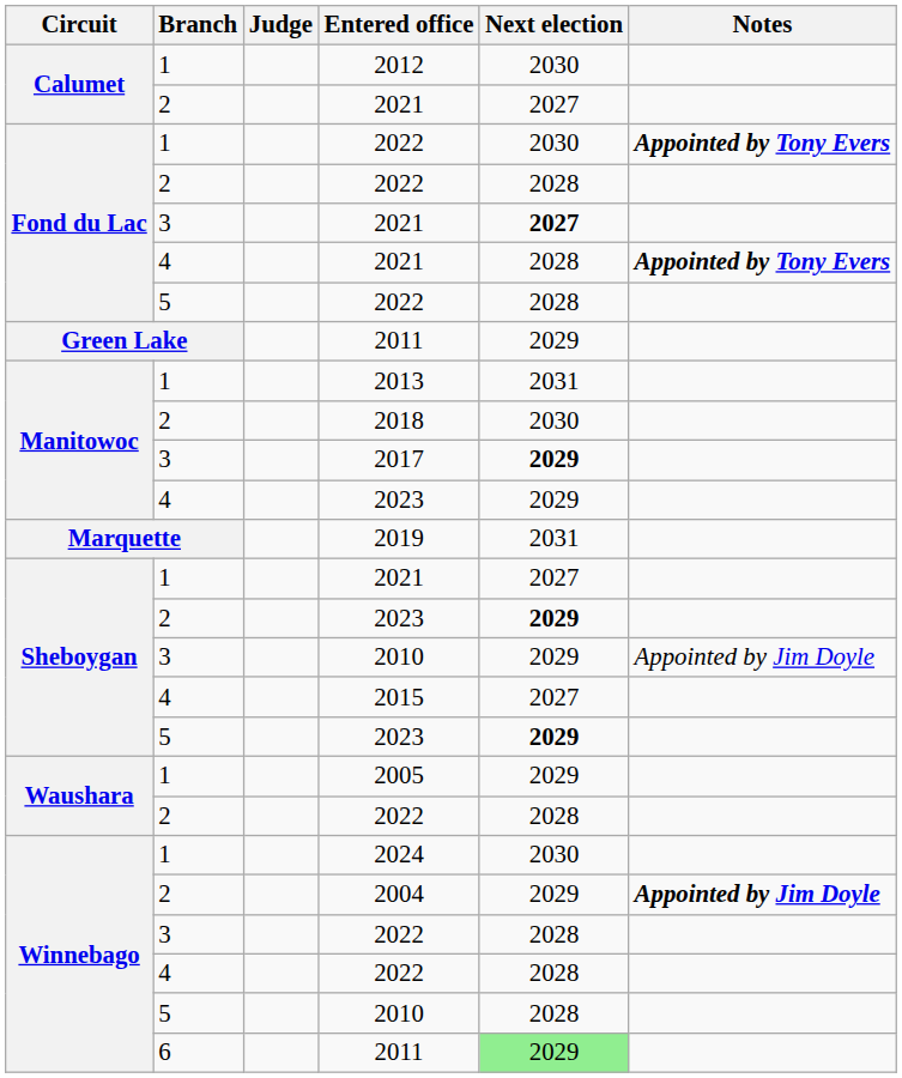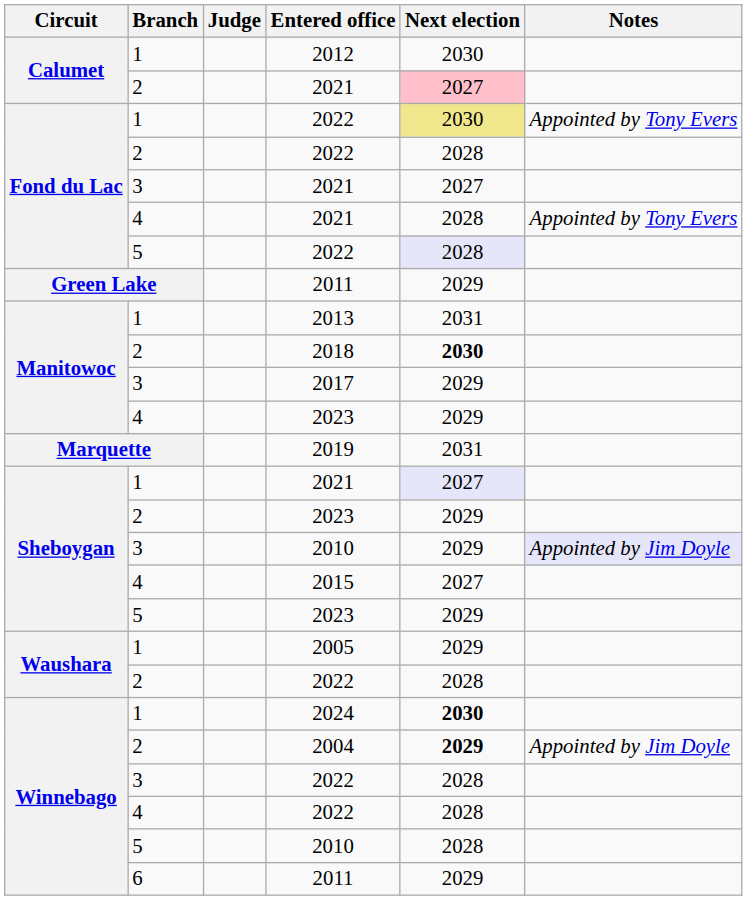 <table class="wikitable sortable">
 <tr>
 <th>Circuit</th>
 <th>Branch</th>
 <th>Judge</th>
 <th>Entered office</th>
 <th>Next election</th>
 <th>Notes</th>
 </tr>
 <tr>
 <th rowspan="2"><a href='#'>Calumet</a></th>
 <td>1</td>
 <td></td>
 <td align="center">2012</td>
 <td align="center">2030</td>
 <td></td>
 </tr>
 <tr>
 <td>2</td>
 <td></td>
 <td align="center">2021</td>
-<td align="center">2027</td>
+<td align="center" style="background: pink;">2027</td>
 <td></td>
 </tr>
 <tr>
 <th rowspan="5"><a href='#'>Fond du Lac</a></th>
 <td>1</td>
 <td></td>
 <td align="center">2022</td>
-<td align="center">2030</td>
-<td><strong><em>Appointed by <a href='#'>Tony Evers</a></em></strong></td>
+<td align="center" style="background: khaki;">2030</td>
+<td><em>Appointed by <a href='#'>Tony Evers</a></em></td>
 </tr>
 <tr>
 <td>2</td>
 <td></td>
 <td align="center">2022</td>
 <td align="center">2028</td>
 <td></td>
 </tr>
 <tr>
 <td>3</td>
 <td></td>
 <td align="center">2021</td>
-<td align="center"><strong>2027</strong></td>
+<td align="center">2027</td>
 <td></td>
 </tr>
 <tr>
 <td>4</td>
 <td></td>
 <td align="center">2021</td>
 <td align="center">2028</td>
-<td><strong><em>Appointed by <a href='#'>Tony Evers</a></em></strong></td>
+<td><em>Appointed by <a href='#'>Tony Evers</a></em></td>
 </tr>
 <tr>
 <td>5</td>
 <td></td>
 <td align="center">2022</td>
-<td align="center">2028</td>
+<td align="center" style="background: lavender;">2028</td>
 <td></td>
 </tr>
 <tr>
 <th colspan="2"><a href='#'>Green Lake</a></th>
 <td></td>
 <td align="center">2011</td>
 <td align="center">2029</td>
 <td></td>
 </tr>
 <tr>
 <th rowspan="4"><a href='#'>Manitowoc</a></th>
 <td>1</td>
 <td></td>
 <td align="center">2013</td>
 <td align="center">2031</td>
 <td></td>
 </tr>
 <tr>
 <td>2</td>
 <td></td>
 <td align="center">2018</td>
-<td align="center">2030</td>
+<td align="center"><strong>2030</strong></td>
 <td></td>
 </tr>
 <tr>
 <td>3</td>
 <td></td>
 <td align="center">2017</td>
-<td align="center"><strong>2029</strong></td>
+<td align="center">2029</td>
 <td></td>
 </tr>
 <tr>
 <td>4</td>
 <td></td>
 <td align="center">2023</td>
 <td align="center">2029</td>
 <td></td>
 </tr>
 <tr>
 <th colspan="2"><a href='#'>Marquette</a></th>
 <td></td>
 <td align="center">2019</td>
 <td align="center">2031</td>
 <td></td>
 </tr>
 <tr>
 <th rowspan="5"><a href='#'>Sheboygan</a></th>
 <td>1</td>
 <td></td>
 <td align="center">2021</td>
-<td align="center">2027</td>
+<td align="center" style="background: lavender;">2027</td>
 <td></td>
 </tr>
 <tr>
 <td>2</td>
 <td></td>
 <td align="center">2023</td>
-<td align="center"><strong>2029</strong></td>
+<td align="center">2029</td>
 <td></td>
 </tr>
 <tr>
 <td>3</td>
 <td></td>
 <td align="center">2010</td>
 <td align="center">2029</td>
-<td><em>Appointed by <a href='#'>Jim Doyle</a></em></td>
+<td style="background: lavender;"><em>Appointed by <a href='#'>Jim Doyle</a></em></td>
 </tr>
 <tr>
 <td>4</td>
 <td></td>
 <td align="center">2015</td>
 <td align="center">2027</td>
 <td></td>
 </tr>
 <tr>
 <td>5</td>
 <td></td>
 <td align="center">2023</td>
-<td align="center"><strong>2029</strong></td>
+<td align="center">2029</td>
 <td></td>
 </tr>
 <tr>
 <th rowspan="2"><a href='#'>Waushara</a></th>
 <td>1</td>
 <td></td>
 <td align="center">2005</td>
 <td align="center">2029</td>
 <td></td>
 </tr>
 <tr>
 <td>2</td>
 <td></td>
 <td align="center">2022</td>
 <td align="center">2028</td>
 <td></td>
 </tr>
 <tr>
 <th rowspan="6"><a href='#'>Winnebago</a></th>
 <td>1</td>
 <td></td>
 <td align="center">2024</td>
-<td align="center">2030</td>
+<td align="center"><strong>2030</strong></td>
 <td></td>
 </tr>
 <tr>
 <td>2</td>
 <td></td>
 <td align="center">2004</td>
-<td align="center">2029</td>
-<td><strong><em>Appointed by <a href='#'>Jim Doyle</a></em></strong></td>
+<td align="center"><strong>2029</strong></td>
+<td><em>Appointed by <a href='#'>Jim Doyle</a></em></td>
 </tr>
 <tr>
 <td>3</td>
 <td></td>
 <td align="center">2022</td>
 <td align="center">2028</td>
 <td></td>
 </tr>
 <tr>
 <td>4</td>
 <td></td>
 <td align="center">2022</td>
 <td align="center">2028</td>
 <td></td>
 </tr>
 <tr>
 <td>5</td>
 <td></td>
 <td align="center">2010</td>
 <td align="center">2028</td>
 <td></td>
 </tr>
 <tr>
 <td>6</td>
 <td></td>
 <td align="center">2011</td>
-<td align="center" style="background: lightgreen;">2029</td>
+<td align="center">2029</td>
 <td></td>
 </tr>
 </table>
